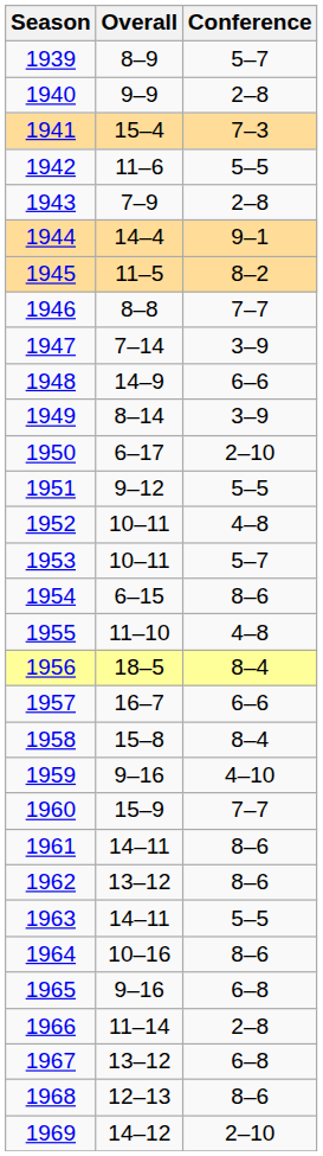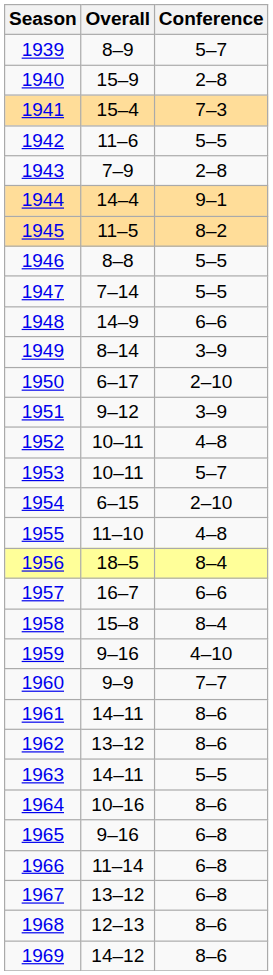 <table class="wikitable" style="text-align: center">
 <tr align=center>
 <th>Season</th>
 <th>Overall</th>
 <th>Conference</th>
 </tr>
 <tr>
 <td><a href='#'>1939</a></td>
 <td>8–9</td>
 <td>5–7</td>
 </tr>
 <tr>
 <td><a href='#'>1940</a></td>
-<td>9–9</td>
+<td>15–9</td>
 <td>2–8</td>
 </tr>
 <tr style="background:#fd9;">
 <td><a href='#'>1941</a></td>
 <td style="background:#fd9;">15–4</td>
 <td style="background:#fd9;">7–3</td>
 </tr>
 <tr>
 <td><a href='#'>1942</a></td>
 <td>11–6</td>
 <td>5–5</td>
 </tr>
 <tr>
 <td><a href='#'>1943</a></td>
 <td>7–9</td>
 <td>2–8</td>
 </tr>
 <tr style="background:#fd9;">
 <td><a href='#'>1944</a></td>
 <td style="background:#fd9;">14–4</td>
 <td style="background:#fd9;">9–1</td>
 </tr>
 <tr style="background:#fd9;">
 <td><a href='#'>1945</a></td>
 <td style="background:#fd9;">11–5</td>
 <td style="background:#fd9;">8–2</td>
 </tr>
 <tr>
 <td><a href='#'>1946</a></td>
 <td>8–8</td>
-<td>7–7</td>
+<td>5–5</td>
 </tr>
 <tr>
 <td><a href='#'>1947</a></td>
 <td>7–14</td>
-<td>3–9</td>
+<td>5–5</td>
 </tr>
 <tr>
 <td><a href='#'>1948</a></td>
 <td>14–9</td>
 <td>6–6</td>
 </tr>
 <tr>
 <td><a href='#'>1949</a></td>
 <td>8–14</td>
 <td>3–9</td>
 </tr>
 <tr>
 <td><a href='#'>1950</a></td>
 <td>6–17</td>
 <td>2–10</td>
 </tr>
 <tr>
 <td><a href='#'>1951</a></td>
 <td>9–12</td>
-<td>5–5</td>
+<td>3–9</td>
 </tr>
 <tr>
 <td><a href='#'>1952</a></td>
 <td>10–11</td>
 <td>4–8</td>
 </tr>
 <tr>
 <td><a href='#'>1953</a></td>
 <td>10–11</td>
 <td>5–7</td>
 </tr>
 <tr>
 <td><a href='#'>1954</a></td>
 <td>6–15</td>
-<td>8–6</td>
+<td>2–10</td>
 </tr>
 <tr>
 <td><a href='#'>1955</a></td>
 <td>11–10</td>
 <td>4–8</td>
 </tr>
 <tr style="background:#ff9;">
 <td><a href='#'>1956</a></td>
 <td style="background:#ff9;">18–5</td>
 <td style="background:#ff9;">8–4</td>
 </tr>
 <tr>
 <td><a href='#'>1957</a></td>
 <td>16–7</td>
 <td>6–6</td>
 </tr>
 <tr>
 <td><a href='#'>1958</a></td>
 <td>15–8</td>
 <td>8–4</td>
 </tr>
 <tr>
 <td><a href='#'>1959</a></td>
 <td>9–16</td>
 <td>4–10</td>
 </tr>
 <tr>
 <td><a href='#'>1960</a></td>
-<td>15–9</td>
+<td>9–9</td>
 <td>7–7</td>
 </tr>
 <tr>
 <td><a href='#'>1961</a></td>
 <td>14–11</td>
 <td>8–6</td>
 </tr>
 <tr>
 <td><a href='#'>1962</a></td>
 <td>13–12</td>
 <td>8–6</td>
 </tr>
 <tr>
 <td><a href='#'>1963</a></td>
 <td>14–11</td>
 <td>5–5</td>
 </tr>
 <tr>
 <td><a href='#'>1964</a></td>
 <td>10–16</td>
 <td>8–6</td>
 </tr>
 <tr>
 <td><a href='#'>1965</a></td>
 <td>9–16</td>
 <td>6–8</td>
 </tr>
 <tr>
 <td><a href='#'>1966</a></td>
 <td>11–14</td>
-<td>2–8</td>
+<td>6–8</td>
 </tr>
 <tr>
 <td><a href='#'>1967</a></td>
 <td>13–12</td>
 <td>6–8</td>
 </tr>
 <tr>
 <td><a href='#'>1968</a></td>
 <td>12–13</td>
 <td>8–6</td>
 </tr>
 <tr>
 <td><a href='#'>1969</a></td>
 <td>14–12</td>
-<td>2–10</td>
+<td>8–6</td>
 </tr>
 </table>
